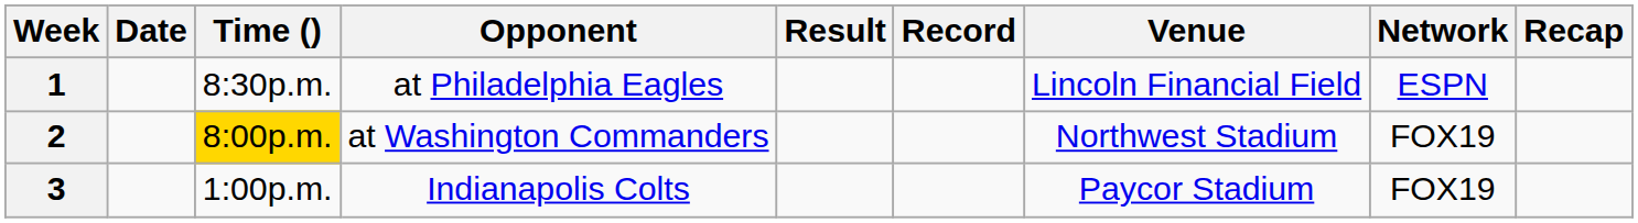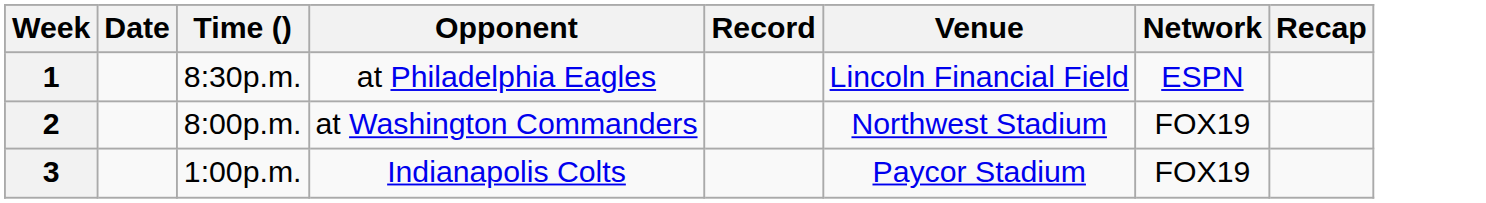 <table class="wikitable" style="text-align:center">
 <tr>
 <th>Week</th>
 <th>Date</th>
 <th>Time (<a href='#'></a>)</th>
 <th>Opponent</th>
-<th>Result</th>
 <th>Record</th>
 <th>Venue</th>
 <th>Network</th>
 <th>Recap</th>
 </tr>
 <tr>
 <th>1 </th>
 <td></td>
 <td>8:30p.m.</td>
 <td>at <a href='#'>Philadelphia Eagles</a></td>
 <td></td>
-<td></td>
 <td><a href='#'>Lincoln Financial Field</a></td>
 <td><a href='#'>ESPN</a></td>
 <td></td>
 </tr>
 <tr>
 <th>2 </th>
 <td></td>
-<td style="background: gold;">8:00p.m.</td>
+<td>8:00p.m.</td>
 <td>at <a href='#'>Washington Commanders</a></td>
-<td></td>
 <td></td>
 <td><a href='#'>Northwest Stadium</a></td>
 <td>FOX19</td>
 <td></td>
 </tr>
 <tr>
 <th>3 </th>
 <td></td>
 <td>1:00p.m.</td>
 <td><a href='#'>Indianapolis Colts</a></td>
 <td></td>
-<td></td>
 <td><a href='#'>Paycor Stadium</a></td>
 <td>FOX19</td>
 <td></td>
 </tr>
 </table>
